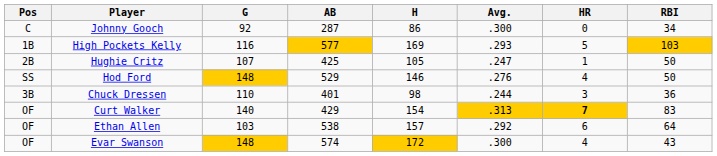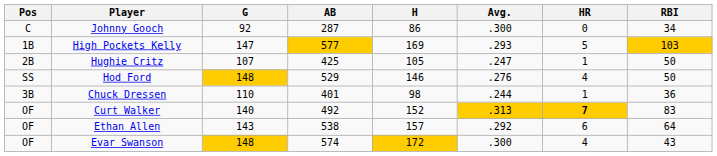 <table class="wikitable sortable">
 <tr>
 <th bgcolor="#DDDDFF" width="5%">Pos</th>
 <th bgcolor="#DDDDFF" width="16%">Player</th>
 <th bgcolor="#DDDDFF" width="9%">G</th>
 <th bgcolor="#DDDDFF" width="9%">AB</th>
 <th bgcolor="#DDDDFF" width="9%">H</th>
 <th bgcolor="#DDDDFF" width="9%">Avg.</th>
 <th bgcolor="#DDDDFF" width="9%">HR</th>
 <th bgcolor="#DDDDFF" width="9%">RBI</th>
 </tr>
 <tr align="center">
 <td>C</td>
 <td><a href='#'>Johnny Gooch</a></td>
 <td>92</td>
 <td>287</td>
 <td>86</td>
 <td>.300</td>
 <td>0</td>
 <td>34</td>
 </tr>
 <tr align=center>
 <td>1B</td>
 <td><a href='#'>High Pockets Kelly</a></td>
-<td>116</td>
+<td>147</td>
 <td style="background:#fc0;">577</td>
 <td>169</td>
 <td>.293</td>
 <td>5</td>
 <td style="background:#fc0;">103</td>
 </tr>
 <tr align=center>
 <td>2B</td>
 <td><a href='#'>Hughie Critz</a></td>
 <td>107</td>
 <td>425</td>
 <td>105</td>
 <td>.247</td>
 <td>1</td>
 <td>50</td>
 </tr>
 <tr align=center>
 <td>SS</td>
 <td><a href='#'>Hod Ford</a></td>
 <td style="background:#fc0;">148</td>
 <td>529</td>
 <td>146</td>
 <td>.276</td>
 <td>4</td>
 <td>50</td>
 </tr>
 <tr align=center>
 <td>3B</td>
 <td><a href='#'>Chuck Dressen</a></td>
 <td>110</td>
 <td>401</td>
 <td>98</td>
 <td>.244</td>
-<td>3</td>
+<td>1</td>
 <td>36</td>
 </tr>
 <tr align=center>
 <td>OF</td>
 <td><a href='#'>Curt Walker</a></td>
 <td>140</td>
-<td>429</td>
-<td>154</td>
+<td>492</td>
+<td>152</td>
 <td style="background:#fc0;">.313</td>
 <td style="background:#fc0;"><strong>7</strong></td>
 <td>83</td>
 </tr>
 <tr align=center>
 <td>OF</td>
 <td><a href='#'>Ethan Allen</a></td>
-<td>103</td>
+<td>143</td>
 <td>538</td>
 <td>157</td>
 <td>.292</td>
 <td>6</td>
 <td>64</td>
 </tr>
 <tr align=center>
 <td>OF</td>
 <td><a href='#'>Evar Swanson</a></td>
 <td style="background:#fc0;">148</td>
 <td>574</td>
 <td style="background:#fc0;">172</td>
 <td>.300</td>
 <td>4</td>
 <td>43</td>
 </tr>
 </table>
